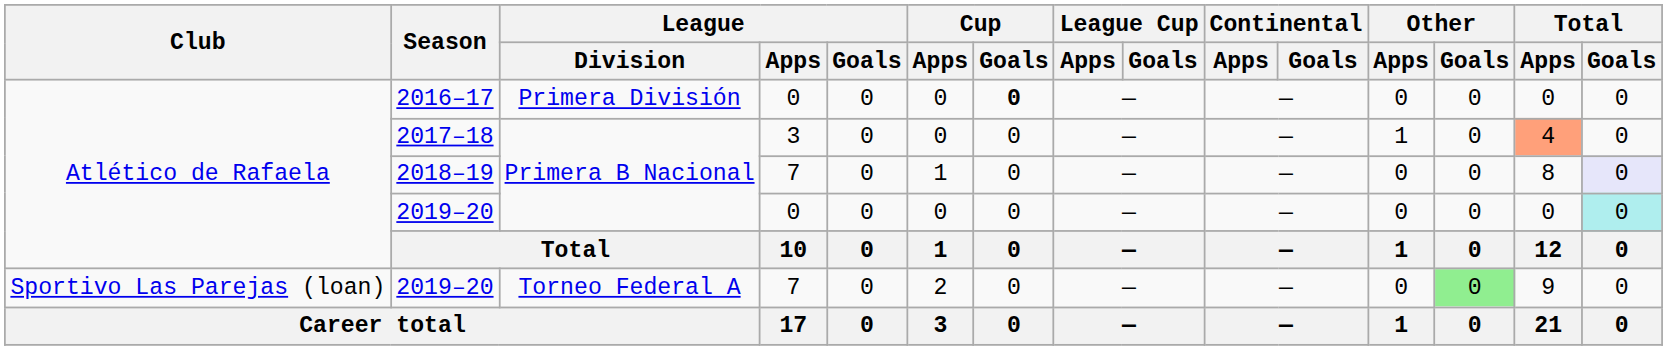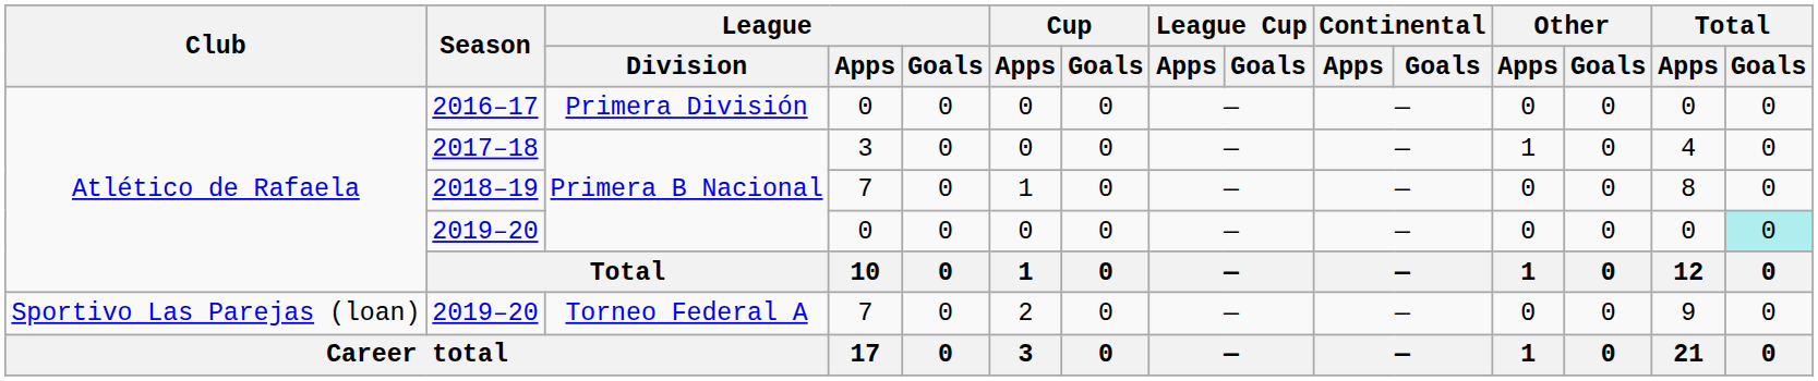 <table class="wikitable" style="text-align:center">
 <tr>
 <th rowspan="2">Club</th>
 <th rowspan="2">Season</th>
 <th colspan="3">League</th>
 <th colspan="2">Cup</th>
 <th colspan="2">League Cup</th>
 <th colspan="2">Continental</th>
 <th colspan="2">Other</th>
 <th colspan="2">Total</th>
 </tr>
 <tr>
 <th>Division</th>
 <th>Apps</th>
 <th>Goals</th>
 <th>Apps</th>
 <th>Goals</th>
 <th>Apps</th>
 <th>Goals</th>
 <th>Apps</th>
 <th>Goals</th>
 <th>Apps</th>
 <th>Goals</th>
 <th>Apps</th>
 <th>Goals</th>
 </tr>
 <tr>
 <td rowspan="5"><a href='#'>Atlético de Rafaela</a></td>
 <td><a href='#'>2016–17</a></td>
 <td rowspan="1"><a href='#'>Primera División</a></td>
 <td>0</td>
 <td>0</td>
 <td>0</td>
-<td><strong>0</strong></td>
+<td>0</td>
 <td colspan="2">—</td>
 <td colspan="2">—</td>
 <td>0</td>
 <td>0</td>
 <td>0</td>
 <td>0</td>
 </tr>
 <tr>
 <td><a href='#'>2017–18</a></td>
 <td rowspan="3"><a href='#'>Primera B Nacional</a></td>
 <td>3</td>
 <td>0</td>
 <td>0</td>
 <td>0</td>
 <td colspan="2">—</td>
 <td colspan="2">—</td>
 <td>1</td>
 <td>0</td>
-<td style="background: lightsalmon;">4</td>
+<td>4</td>
 <td>0</td>
 </tr>
 <tr>
 <td><a href='#'>2018–19</a></td>
 <td>7</td>
 <td>0</td>
 <td>1</td>
 <td>0</td>
 <td colspan="2">—</td>
 <td colspan="2">—</td>
 <td>0</td>
 <td>0</td>
 <td>8</td>
-<td style="background: lavender;">0</td>
+<td>0</td>
 </tr>
 <tr>
 <td><a href='#'>2019–20</a></td>
 <td>0</td>
 <td>0</td>
 <td>0</td>
 <td>0</td>
 <td colspan="2">—</td>
 <td colspan="2">—</td>
 <td>0</td>
 <td>0</td>
 <td>0</td>
 <td style="background: paleturquoise;">0</td>
 </tr>
 <tr>
 <th colspan="2">Total</th>
 <th>10</th>
 <th>0</th>
 <th>1</th>
 <th>0</th>
 <th colspan="2">—</th>
 <th colspan="2">—</th>
 <th>1</th>
 <th>0</th>
 <th>12</th>
 <th>0</th>
 </tr>
 <tr>
 <td rowspan="1"><a href='#'>Sportivo Las Parejas</a> (loan)</td>
 <td><a href='#'>2019–20</a></td>
 <td rowspan="1"><a href='#'>Torneo Federal A</a></td>
 <td>7</td>
 <td>0</td>
 <td>2</td>
 <td>0</td>
 <td colspan="2">—</td>
 <td colspan="2">—</td>
 <td>0</td>
-<td style="background: lightgreen;">0</td>
+<td>0</td>
 <td>9</td>
 <td>0</td>
 </tr>
 <tr>
 <th colspan="3">Career total</th>
 <th>17</th>
 <th>0</th>
 <th>3</th>
 <th>0</th>
 <th colspan="2">—</th>
 <th colspan="2">—</th>
 <th>1</th>
 <th>0</th>
 <th>21</th>
 <th>0</th>
 </tr>
 </table>
